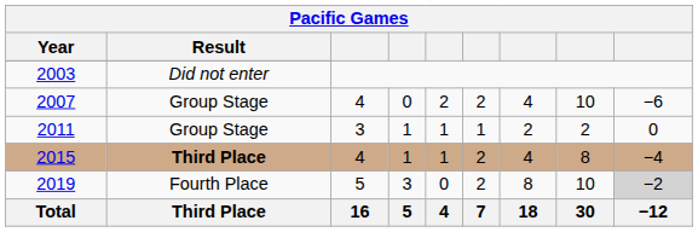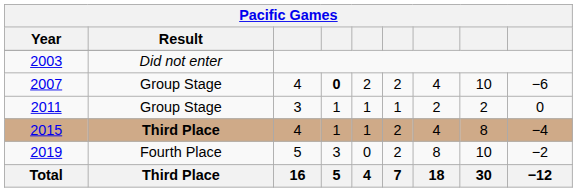 <table class="wikitable" style="text-align: center; width:50%;">
 <tr>
 <th colspan=10><a href='#'>Pacific Games</a></th>
 </tr>
 <tr>
 <th>Year</th>
 <th>Result</th>
 <th></th>
 <th></th>
 <th></th>
 <th></th>
 <th></th>
 <th></th>
 <th></th>
 </tr>
 <tr>
 </tr>
 <tr>
 </tr>
 <tr>
 </tr>
 <tr>
 <td> <a href='#'>2003</a></td>
 <td><em>Did not enter</em></td>
 </tr>
 <tr>
 <td> <a href='#'>2007</a></td>
 <td>Group Stage</td>
 <td>4</td>
-<td>0</td>
+<td><strong>0</strong></td>
 <td>2</td>
 <td>2</td>
 <td>4</td>
 <td>10</td>
 <td>−6</td>
 </tr>
 <tr>
 <td> <a href='#'>2011</a></td>
 <td>Group Stage</td>
 <td>3</td>
 <td>1</td>
 <td>1</td>
 <td>1</td>
 <td>2</td>
 <td>2</td>
 <td>0</td>
 </tr>
 <tr bgcolor=cfaa88>
 <td> <a href='#'>2015</a></td>
 <td><strong>Third Place</strong></td>
 <td>4</td>
 <td>1</td>
 <td>1</td>
 <td>2</td>
 <td>4</td>
 <td>8</td>
 <td>−4</td>
 </tr>
 <tr>
 <td> <a href='#'>2019</a></td>
 <td>Fourth Place</td>
 <td>5</td>
 <td>3</td>
 <td>0</td>
 <td>2</td>
 <td>8</td>
 <td>10</td>
-<td style="background: lightgrey;">−2</td>
+<td>−2</td>
 </tr>
 <tr>
 <th>Total</th>
 <th>Third Place</th>
 <th>16</th>
 <th>5</th>
 <th>4</th>
 <th>7</th>
 <th>18</th>
 <th>30</th>
 <th>−12</th>
 </tr>
 </table>
